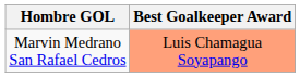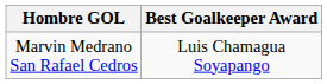 <table class="wikitable" style="margin: 0 auto;">
 <tr>
 <th>Hombre GOL</th>
 <th>Best Goalkeeper Award</th>
 </tr>
 <tr>
 <td align=center> Marvin Medrano <br><a href='#'>San Rafael Cedros</a></td>
-<td align=center style="background: lightsalmon;"> Luis Chamagua <br><a href='#'>Soyapango</a></td>
+<td align=center> Luis Chamagua <br><a href='#'>Soyapango</a></td>
 </tr>
 </table>
